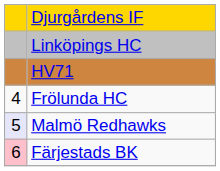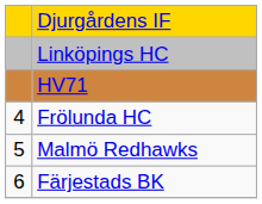 <table class="wikitable" width="200px">
 <tr style="background:#ffd700;">
 <td align=center></td>
 <td> <a href='#'>Djurgårdens IF</a></td>
 </tr>
 <tr style="background:#c0c0c0;">
 <td align=center></td>
 <td> <a href='#'>Linköpings HC</a></td>
 </tr>
 <tr style="background:#CD853F;">
 <td align=center></td>
 <td> <a href='#'>HV71</a></td>
 </tr>
 <tr>
 <td align=center>4</td>
 <td> <a href='#'>Frölunda HC</a></td>
 </tr>
 <tr>
-<td align=center style="background: lavender;">5</td>
+<td align=center>5</td>
 <td> <a href='#'>Malmö Redhawks</a></td>
 </tr>
 <tr>
-<td align=center style="background: pink;">6</td>
+<td align=center>6</td>
 <td> <a href='#'>Färjestads BK</a></td>
 </tr>
 <tr>
 </tr>
 </table>
